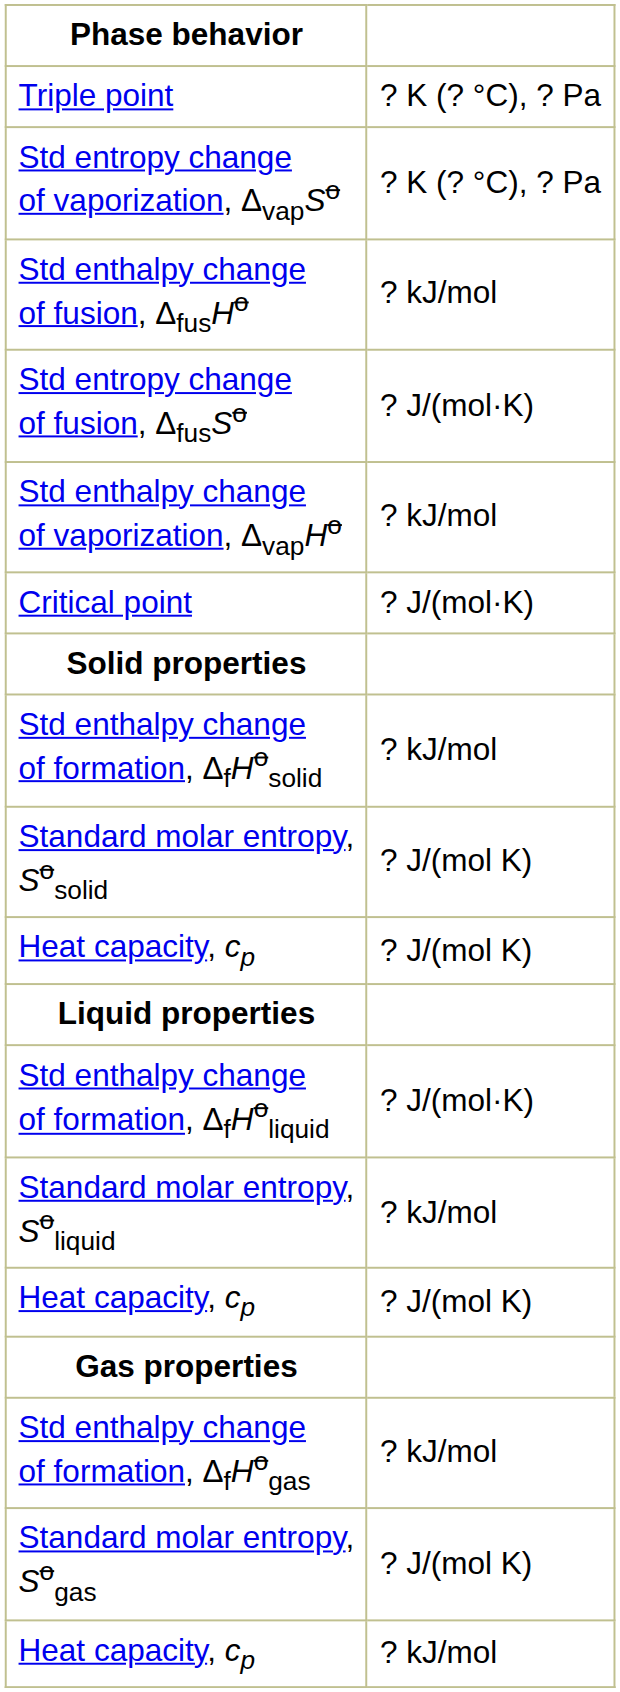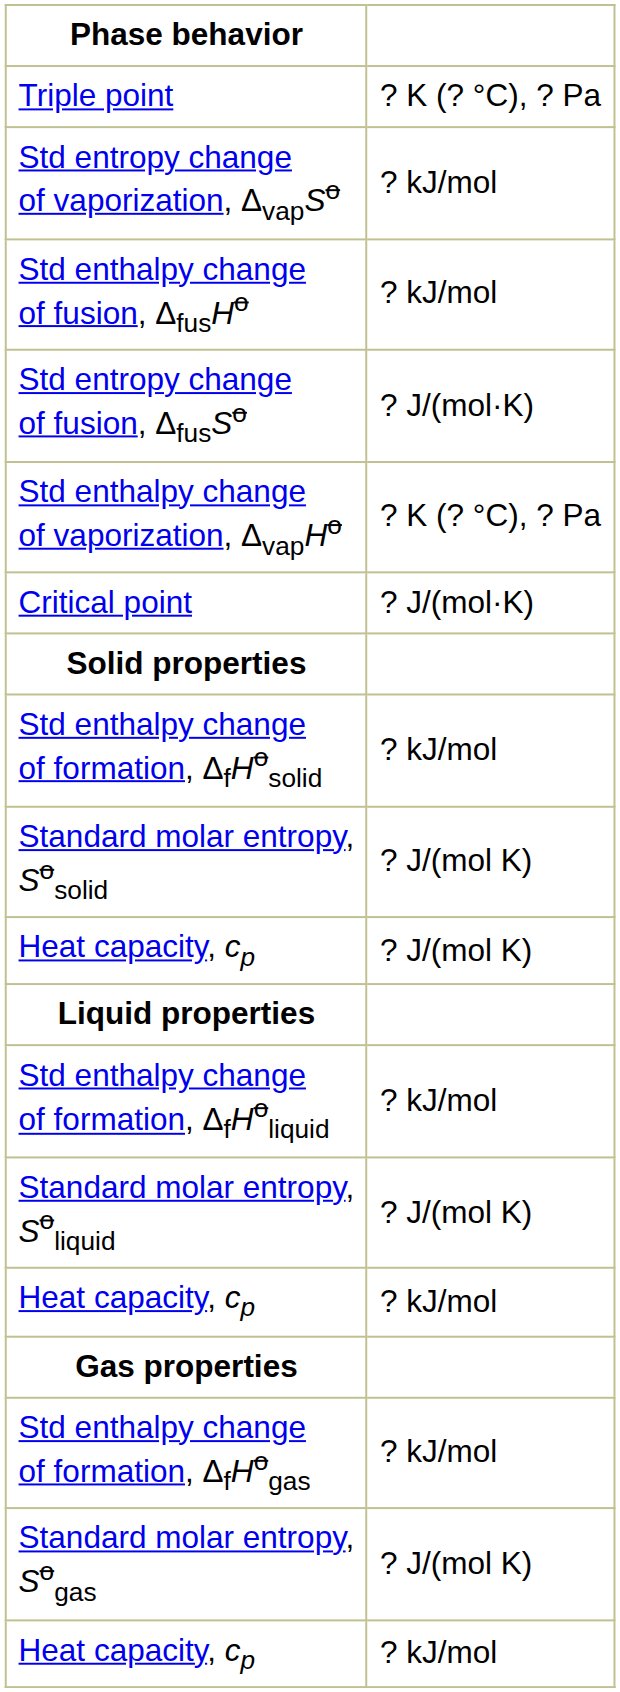 <table border="1" cellspacing="0" cellpadding="6" style="margin: 0 0 0 0.5em; background: #FFFFFF; border-collapse: collapse; border-color: #C0C090;">
 <tr>
 <th>Phase behavior</th>
 </tr>
 <tr>
 <td><a href='#'>Triple point</a></td>
 <td>? K (? °C), ? Pa</td>
 </tr>
 <tr>
 <td><a href='#'>Std entropy change<br>of vaporization</a>, Δ<sub>vap</sub><em>S</em><sup><s>o</s></sup></td>
-<td>? K (? °C), ? Pa</td>
+<td>? kJ/mol</td>
 </tr>
 <tr>
 <td><a href='#'>Std enthalpy change<br>of fusion</a>, Δ<sub>fus</sub><em>H</em><sup><s>o</s></sup></td>
 <td>? kJ/mol</td>
 </tr>
 <tr>
 <td><a href='#'>Std entropy change<br>of fusion</a>, Δ<sub>fus</sub><em>S</em><sup><s>o</s></sup></td>
 <td>? J/(mol·K)</td>
 </tr>
 <tr>
 <td><a href='#'>Std enthalpy change<br>of vaporization</a>, Δ<sub>vap</sub><em>H</em><sup><s>o</s></sup></td>
-<td>? kJ/mol</td>
+<td>? K (? °C), ? Pa</td>
 </tr>
 <tr>
 <td><a href='#'>Critical point</a></td>
 <td>? J/(mol·K)</td>
 </tr>
 <tr>
 <th>Solid properties</th>
 </tr>
 <tr>
 <td><a href='#'>Std enthalpy change<br>of formation</a>, Δ<sub>f</sub><em>H</em><sup><s>o</s></sup><sub>solid</sub></td>
 <td>? kJ/mol</td>
 </tr>
 <tr>
 <td><a href='#'>Standard molar entropy</a>,<br><em>S</em><sup><s>o</s></sup><sub>solid</sub></td>
 <td>? J/(mol K)</td>
 </tr>
 <tr>
 <td><a href='#'>Heat capacity</a>, <em>c<sub>p</sub></em></td>
 <td>? J/(mol K)</td>
 </tr>
 <tr>
 <th>Liquid properties</th>
 </tr>
 <tr>
 <td><a href='#'>Std enthalpy change<br>of formation</a>, Δ<sub>f</sub><em>H</em><sup><s>o</s></sup><sub>liquid</sub></td>
-<td>? J/(mol·K)</td>
+<td>? kJ/mol</td>
 </tr>
 <tr>
 <td><a href='#'>Standard molar entropy</a>,<br><em>S</em><sup><s>o</s></sup><sub>liquid</sub></td>
-<td>? kJ/mol</td>
+<td>? J/(mol K)</td>
 </tr>
 <tr>
 <td><a href='#'>Heat capacity</a>, <em>c<sub>p</sub></em></td>
-<td>? J/(mol K)</td>
+<td>? kJ/mol</td>
 </tr>
 <tr>
 <th>Gas properties</th>
 </tr>
 <tr>
 <td><a href='#'>Std enthalpy change<br>of formation</a>, Δ<sub>f</sub><em>H</em><sup><s>o</s></sup><sub>gas</sub></td>
 <td>? kJ/mol</td>
 </tr>
 <tr>
 <td><a href='#'>Standard molar entropy</a>,<br><em>S</em><sup><s>o</s></sup><sub>gas</sub></td>
 <td>? J/(mol K)</td>
 </tr>
 <tr>
 <td><a href='#'>Heat capacity</a>, <em>c<sub>p</sub></em></td>
 <td>? kJ/mol</td>
 </tr>
 <tr>
 </tr>
 </table>
